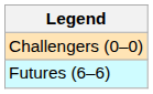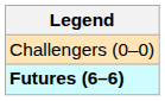 <table class=wikitable style=font-size:97%>
 <tr>
 <th>Legend</th>
 </tr>
 <tr style="background:moccasin;">
 <td>Challengers (0–0)</td>
 </tr>
 <tr style="background:#cffcff;">
-<td>Futures (6–6)</td>
+<td><strong>Futures (6–6)</strong></td>
 </tr>
 </table>
